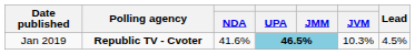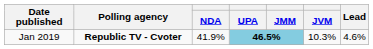 <table class="wikitable sortable" style="text-align:center;font-size:95%;line-height:16px">
 <tr>
 <th rowspan="2" width="100px">Date published</th>
 <th rowspan="2" width="175px">Polling agency</th>
 <th style="background:"></th>
 <th style="background:"></th>
 <th style="background:"></th>
 <th style="background:"></th>
 <th rowspan="2">Lead</th>
 </tr>
 <tr>
 <th width="50px" class="unsortable"><a href='#'>NDA</a></th>
 <th width="50px" class="unsortable"><a href='#'>UPA</a></th>
 <th width="50px" class="unsortable"><a href='#'>JMM</a></th>
 <th width="50px" class="unsortable"><a href='#'>JVM</a></th>
 </tr>
 <tr>
 <td>Jan 2019</td>
 <td><strong>Republic TV - Cvoter</strong></td>
-<td>41.6%</td>
+<td>41.9%</td>
 <td colspan="2" style="background:#84CCE0"><strong>46.5%</strong></td>
 <td>10.3%</td>
-<td style="background:"><span>4.5%</span></td>
+<td style="background:"><span>4.6%</span></td>
 </tr>
 </table>
